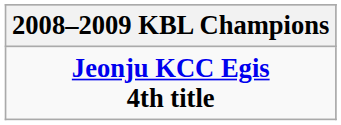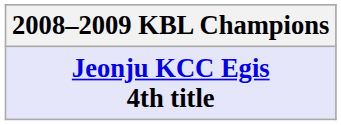 <table class=wikitable style="text-align:center; margin:auto">
 <tr>
 <th>2008–2009 KBL Champions</th>
 </tr>
 <tr>
-<td><strong><a href='#'>Jeonju KCC Egis</a></strong><br><strong>4th title</strong></td>
+<td style="background: lavender;"><strong><a href='#'>Jeonju KCC Egis</a></strong><br><strong>4th title</strong></td>
 </tr>
 </table>
